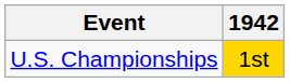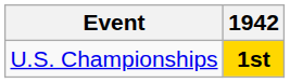 <table class="wikitable">
 <tr>
 <th>Event</th>
 <th>1942</th>
 </tr>
 <tr>
 <td><a href='#'>U.S. Championships</a></td>
-<td align="center" bgcolor="gold">1st</td>
+<td align="center" bgcolor="gold"><strong>1st</strong></td>
 </tr>
 </table>
